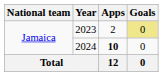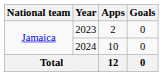 <table class="wikitable" style="text-align: center;">
 <tr>
 <th>National team</th>
 <th>Year</th>
 <th>Apps</th>
 <th>Goals</th>
 </tr>
 <tr>
 <td rowspan="2"><a href='#'>Jamaica</a></td>
 <td>2023</td>
 <td>2</td>
-<td style="background: khaki;">0</td>
+<td>0</td>
 </tr>
 <tr>
 <td>2024</td>
-<td><strong>10</strong></td>
+<td>10</td>
 <td>0</td>
 </tr>
 <tr>
 <th colspan=2>Total</th>
 <th>12</th>
 <th>0</th>
 </tr>
 </table>
